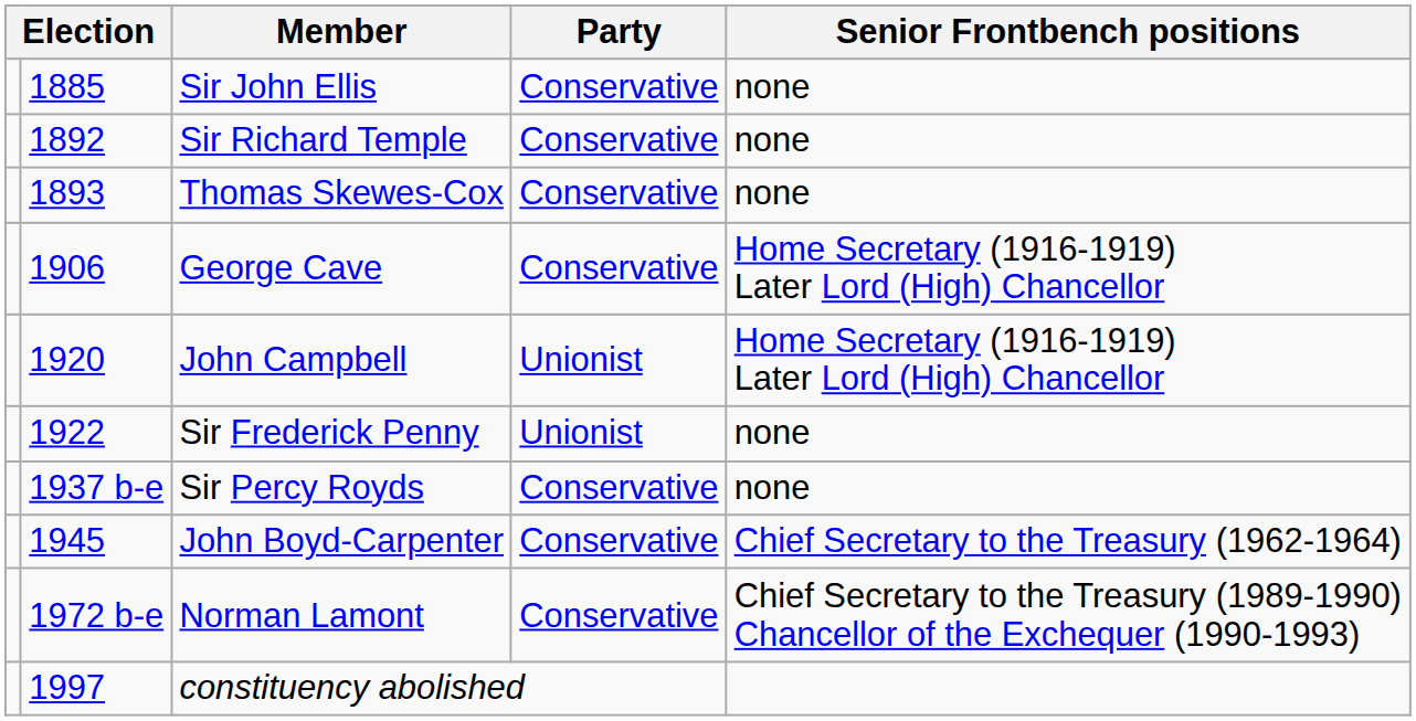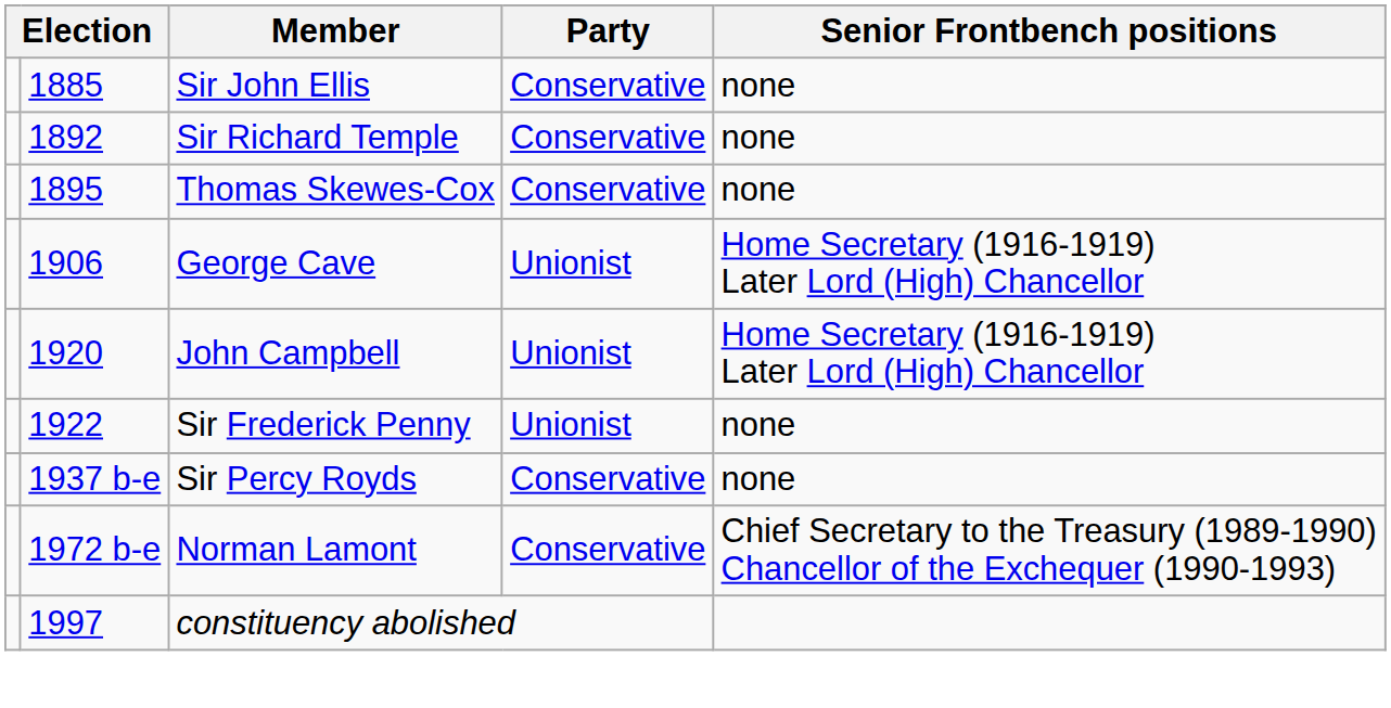 <table class="wikitable">
 <tr>
 <th colspan="2">Election</th>
 <th>Member </th>
 <th>Party </th>
 <th>Senior Frontbench positions</th>
 </tr>
 <tr>
 <td style="color:inherit;background-color: "></td>
 <td><a href='#'>1885</a></td>
 <td><a href='#'>Sir John Ellis</a></td>
 <td><a href='#'>Conservative</a></td>
 <td>none</td>
 </tr>
 <tr>
 <td style="color:inherit;background-color: "></td>
 <td><a href='#'>1892</a></td>
 <td><a href='#'>Sir Richard Temple</a></td>
 <td><a href='#'>Conservative</a></td>
 <td>none</td>
 </tr>
 <tr>
 <td style="color:inherit;background-color: "></td>
-<td><a href='#'>1893</a></td>
+<td><a href='#'>1895</a></td>
 <td><a href='#'>Thomas Skewes-Cox</a></td>
 <td><a href='#'>Conservative</a></td>
 <td>none</td>
 </tr>
 <tr>
 <td style="color:inherit;background-color: "></td>
 <td><a href='#'>1906</a></td>
 <td><a href='#'>George Cave</a></td>
-<td><a href='#'>Conservative</a></td>
+<td><a href='#'>Unionist</a></td>
 <td><a href='#'>Home Secretary</a> (1916-1919)<br>Later <a href='#'>Lord (High) Chancellor</a></td>
 </tr>
 <tr>
 <td style="color:inherit;background-color: "></td>
 <td><a href='#'>1920</a></td>
 <td><a href='#'>John Campbell</a></td>
 <td><a href='#'>Unionist</a></td>
 <td><a href='#'>Home Secretary</a> (1916-1919)<br>Later <a href='#'>Lord (High) Chancellor</a></td>
 </tr>
 <tr>
 <td style="color:inherit;background-color: "></td>
 <td><a href='#'>1922</a></td>
 <td>Sir <a href='#'>Frederick Penny</a></td>
 <td><a href='#'>Unionist</a></td>
 <td>none</td>
 </tr>
 <tr>
 <td style="color:inherit;background-color: "></td>
 <td><a href='#'>1937 b-e</a></td>
 <td>Sir <a href='#'>Percy Royds</a></td>
 <td><a href='#'>Conservative</a></td>
 <td>none</td>
 </tr>
 <tr>
 <td style="color:inherit;background-color: "></td>
-<td><a href='#'>1945</a></td>
-<td><a href='#'>John Boyd-Carpenter</a></td>
-<td><a href='#'>Conservative</a></td>
-<td><a href='#'>Chief Secretary to the Treasury</a> (1962-1964)</td>
-</tr>
-<tr>
-<td style="color:inherit;background-color: "></td>
 <td><a href='#'>1972 b-e</a></td>
 <td><a href='#'>Norman Lamont</a></td>
 <td><a href='#'>Conservative</a></td>
 <td>Chief Secretary to the Treasury (1989-1990)<br><a href='#'>Chancellor of the Exchequer</a> (1990-1993)</td>
 </tr>
 <tr>
 <td></td>
 <td><a href='#'>1997</a></td>
 <td colspan="2"><em>constituency abolished</em></td>
 </tr>
 </table>
